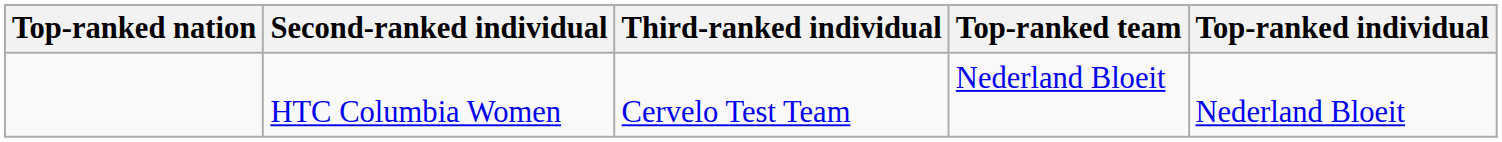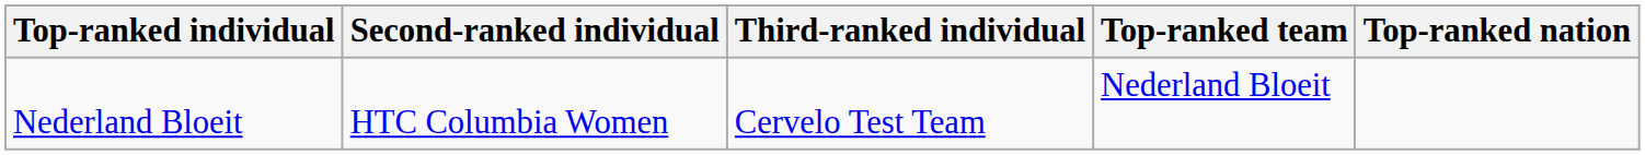 <table class="wikitable">
 <tr>
-<th>Top-ranked nation</th>
+<th>Top-ranked individual</th>
 <th>Second-ranked individual</th>
 <th>Third-ranked individual</th>
 <th>Top-ranked team</th>
-<th>Top-ranked individual</th>
+<th>Top-ranked nation</th>
 </tr>
 <tr valign="top">
-<td></td>
+<td align=left><br><span><a href='#'>Nederland Bloeit</a></span></td>
 <td align=left><br><span><a href='#'>HTC Columbia Women</a></span></td>
 <td align=left><br><span><a href='#'>Cervelo Test Team</a></span></td>
 <td><a href='#'>Nederland Bloeit</a></td>
-<td align=left><br><span><a href='#'>Nederland Bloeit</a></span></td>
+<td></td>
 </tr>
 </table>
